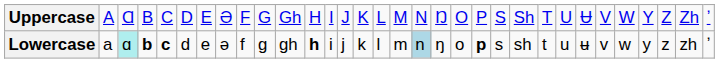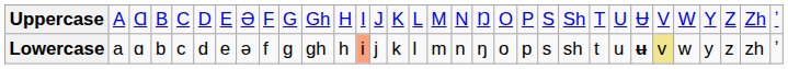 <table class="wikitable">
 <tr>
 <th>Uppercase</th>
 <td><a href='#'>A</a></td>
 <td><a href='#'>Ɑ</a></td>
 <td><a href='#'>B</a></td>
 <td><a href='#'>C</a></td>
 <td><a href='#'>D</a></td>
 <td><a href='#'>E</a></td>
 <td><a href='#'>Ə</a></td>
 <td><a href='#'>F</a></td>
 <td><a href='#'>G</a></td>
 <td><a href='#'>Gh</a></td>
 <td><a href='#'>H</a></td>
 <td><a href='#'>I</a></td>
 <td><a href='#'>J</a></td>
 <td><a href='#'>K</a></td>
 <td><a href='#'>L</a></td>
 <td><a href='#'>M</a></td>
 <td><a href='#'>N</a></td>
 <td><a href='#'>Ŋ</a></td>
 <td><a href='#'>O</a></td>
 <td><a href='#'>P</a></td>
 <td><a href='#'>S</a></td>
 <td><a href='#'>Sh</a></td>
 <td><a href='#'>T</a></td>
 <td><a href='#'>U</a></td>
 <td><a href='#'>Ʉ</a></td>
 <td><a href='#'>V</a></td>
 <td><a href='#'>W</a></td>
 <td><a href='#'>Y</a></td>
 <td><a href='#'>Z</a></td>
 <td><a href='#'>Zh</a></td>
 <td><a href='#'>ʼ</a></td>
 </tr>
 <tr>
 <th>Lowercase</th>
 <td>a</td>
-<td style="background: paleturquoise;">ɑ</td>
-<td><strong>b</strong></td>
-<td><strong>c</strong></td>
+<td>ɑ</td>
+<td>b</td>
+<td>c</td>
 <td>d</td>
 <td>e</td>
 <td>ə</td>
 <td>f</td>
 <td>g</td>
 <td>gh</td>
-<td><strong>h</strong></td>
-<td>i</td>
+<td>h</td>
+<td style="background: lightsalmon;">i</td>
 <td>j</td>
 <td>k</td>
 <td>l</td>
 <td>m</td>
-<td style="background: lightblue;">n</td>
+<td>n</td>
 <td>ŋ</td>
 <td>o</td>
-<td><strong>p</strong></td>
+<td>p</td>
 <td>s</td>
 <td>sh</td>
 <td>t</td>
 <td>u</td>
-<td>ʉ</td>
-<td>v</td>
+<td><strong>ʉ</strong></td>
+<td style="background: khaki;">v</td>
 <td>w</td>
 <td>y</td>
 <td>z</td>
 <td>zh</td>
 <td>ʼ</td>
 </tr>
 </table>
